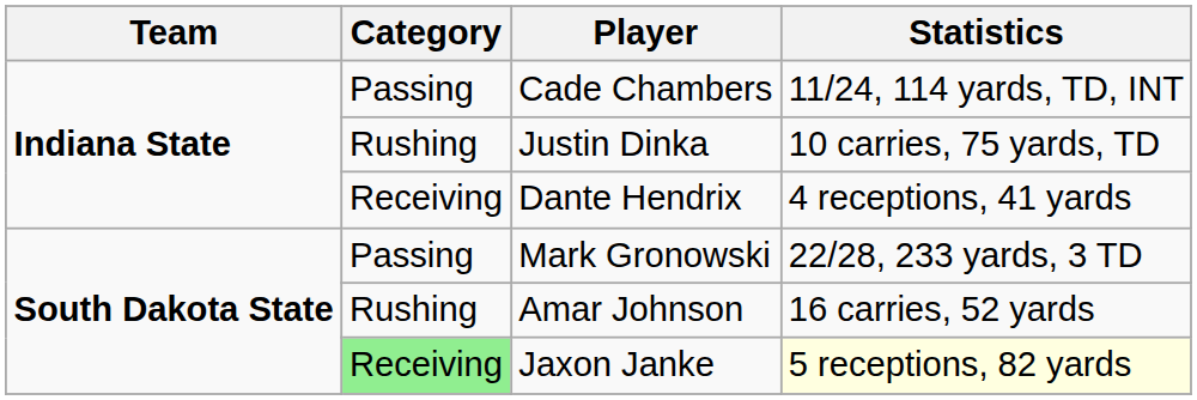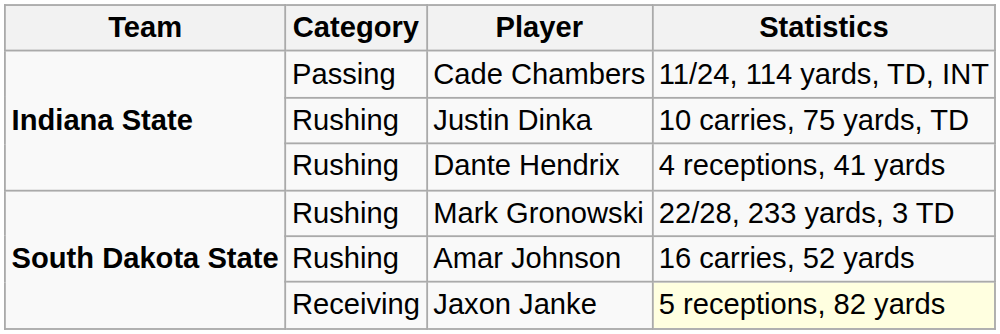 <table class="wikitable" style="float: left;">
 <tr>
 <th>Team</th>
 <th>Category</th>
 <th>Player</th>
 <th>Statistics</th>
 </tr>
 <tr>
 <td rowspan=3><strong>Indiana State</strong></td>
 <td>Passing</td>
 <td>Cade Chambers</td>
 <td>11/24, 114 yards, TD, INT</td>
 </tr>
 <tr>
 <td>Rushing</td>
 <td>Justin Dinka</td>
 <td>10 carries, 75 yards, TD</td>
 </tr>
 <tr>
-<td>Receiving</td>
+<td>Rushing</td>
 <td>Dante Hendrix</td>
 <td>4 receptions, 41 yards</td>
 </tr>
 <tr>
 <td rowspan=3><strong>South Dakota State</strong></td>
-<td>Passing</td>
+<td>Rushing</td>
 <td>Mark Gronowski</td>
 <td>22/28, 233 yards, 3 TD</td>
 </tr>
 <tr>
 <td>Rushing</td>
 <td>Amar Johnson</td>
 <td>16 carries, 52 yards</td>
 </tr>
 <tr>
-<td style="background: lightgreen;">Receiving</td>
+<td>Receiving</td>
 <td>Jaxon Janke</td>
 <td style="background: lightyellow;">5 receptions, 82 yards</td>
 </tr>
 </table>
